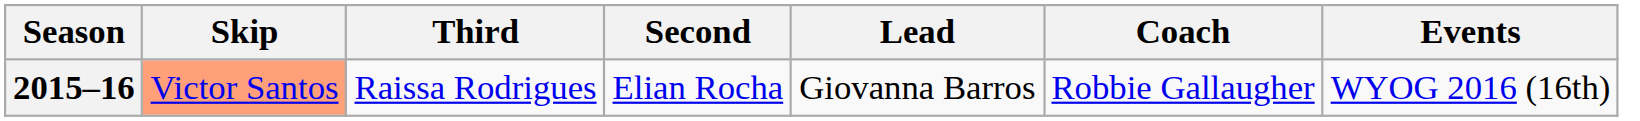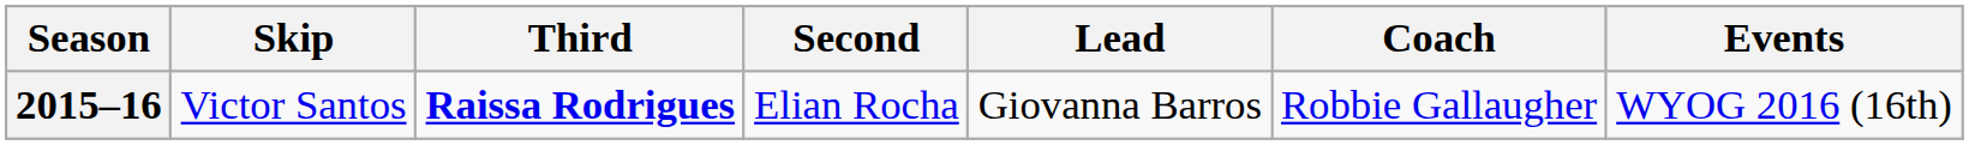 <table class="wikitable">
 <tr>
 <th scope="col">Season</th>
 <th scope="col">Skip</th>
 <th scope="col">Third</th>
 <th scope="col">Second</th>
 <th scope="col">Lead</th>
 <th scope="col">Coach</th>
 <th scope="col">Events</th>
 </tr>
 <tr>
 <th scope="row" rowspan="2">2015–16</th>
-<td style="background: lightsalmon;"><a href='#'>Victor Santos</a></td>
-<td><a href='#'>Raissa Rodrigues</a></td>
+<td><a href='#'>Victor Santos</a></td>
+<td><strong><a href='#'>Raissa Rodrigues</a></strong></td>
 <td><a href='#'>Elian Rocha</a></td>
 <td>Giovanna Barros</td>
 <td><a href='#'>Robbie Gallaugher</a></td>
 <td><a href='#'>WYOG 2016</a> (16th)</td>
 </tr>
 </table>
